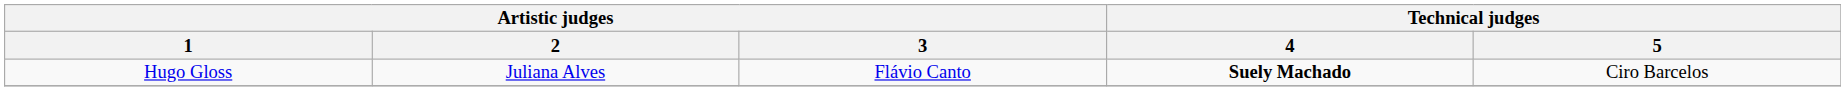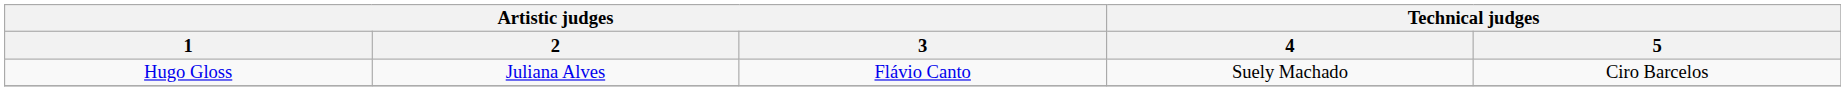 <table class="wikitable" style="font-size:100%; line-height:16px; text-align:center" width="100%">
 <tr>
 <th colspan=3>Artistic judges</th>
 <th colspan=2>Technical judges</th>
 </tr>
 <tr>
 <th width="20.0%">1</th>
 <th width="20.0%">2</th>
 <th width="20.0%">3</th>
 <th width="20.0%">4</th>
 <th width="20.0%">5</th>
 </tr>
 <tr>
 <td><a href='#'>Hugo Gloss</a></td>
 <td><a href='#'>Juliana Alves</a></td>
 <td><a href='#'>Flávio Canto</a></td>
-<td><strong>Suely Machado</strong></td>
+<td>Suely Machado</td>
 <td>Ciro Barcelos</td>
 </tr>
 <tr>
 </tr>
 </table>
